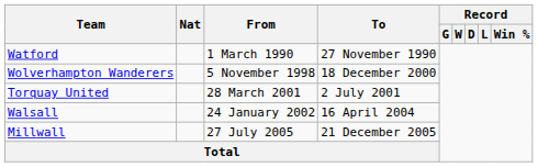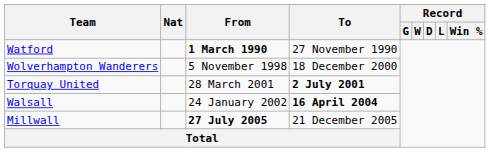 <table class="wikitable" style="text-align: center">
 <tr>
 <th rowspan="2">Team</th>
 <th rowspan="2">Nat</th>
 <th rowspan="2">From</th>
 <th rowspan="2">To</th>
 <th colspan="5">Record</th>
 </tr>
 <tr>
 <th>G</th>
 <th>W</th>
 <th>D</th>
 <th>L</th>
 <th>Win %</th>
 </tr>
 <tr>
 <td align=left><a href='#'>Watford</a></td>
 <td></td>
-<td align=left>1 March 1990</td>
+<td align=left><strong>1 March 1990</strong></td>
 <td align=left>27 November 1990<br></td>
 </tr>
 <tr>
 <td align=left><a href='#'>Wolverhampton Wanderers</a></td>
 <td></td>
 <td align=left>5 November 1998</td>
 <td align=left>18 December 2000<br></td>
 </tr>
 <tr>
 <td align=left><a href='#'>Torquay United</a></td>
 <td></td>
 <td align=left>28 March 2001</td>
-<td align=left>2 July 2001<br></td>
+<td align=left><strong>2 July 2001<br></strong></td>
 </tr>
 <tr>
 <td align=left><a href='#'>Walsall</a></td>
 <td></td>
 <td align=left>24 January 2002</td>
-<td align=left>16 April 2004<br></td>
+<td align=left><strong>16 April 2004<br></strong></td>
 </tr>
 <tr>
 <td align=left><a href='#'>Millwall</a></td>
 <td></td>
-<td align=left>27 July 2005</td>
+<td align=left><strong>27 July 2005</strong></td>
 <td align=left>21 December 2005<br></td>
 </tr>
 <tr>
 <th colspan="4">Total<br></th>
 </tr>
 </table>
